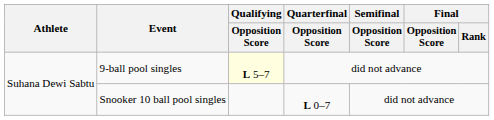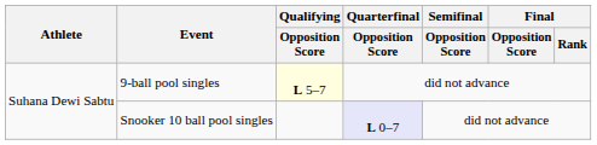 <table class="wikitable" style="font-size:90%">
 <tr>
 <th rowspan="2">Athlete</th>
 <th rowspan="2">Event</th>
 <th>Qualifying</th>
 <th>Quarterfinal</th>
 <th>Semifinal</th>
 <th colspan="2">Final</th>
 </tr>
 <tr style="font-size:95%" align="center" ,>
 <th>Opposition<br>Score</th>
 <th>Opposition<br>Score</th>
 <th>Opposition<br>Score</th>
 <th>Opposition<br>Score</th>
 <th>Rank</th>
 </tr>
 <tr align="center">
 <td align="left" rowspan=2>Suhana Dewi Sabtu</td>
 <td align="left">9-ball pool singles</td>
 <td style="background: lightyellow;"><br><strong>L</strong> 5–7</td>
 <td colspan=4>did not advance</td>
 </tr>
 <tr align="center">
 <td align="left">Snooker 10 ball pool singles</td>
 <td></td>
-<td><br><strong>L</strong> 0–7</td>
+<td style="background: lavender;"><br><strong>L</strong> 0–7</td>
 <td colspan=3>did not advance</td>
 </tr>
 </table>
